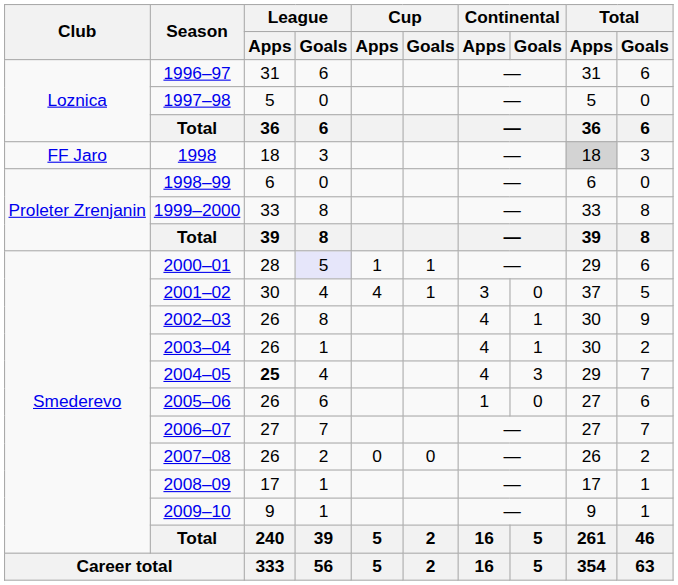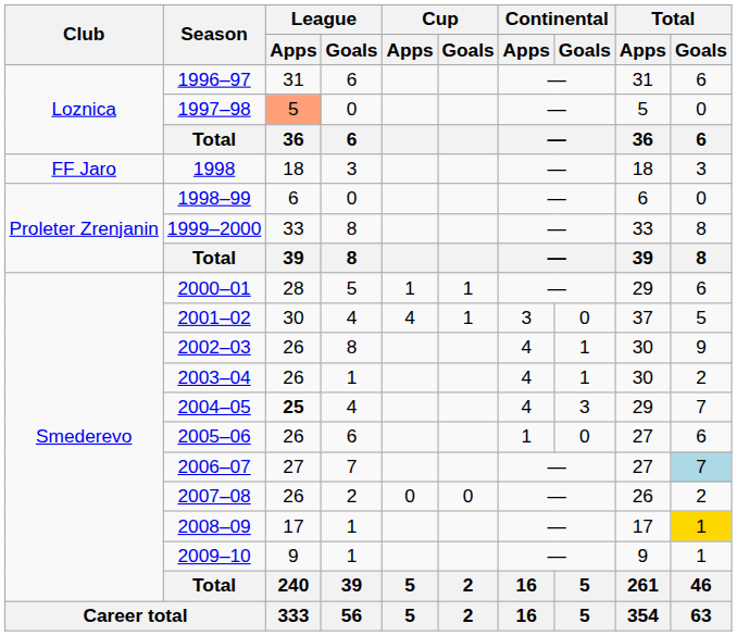 <table class="wikitable" style="text-align:center">
 <tr>
 <th rowspan="2">Club</th>
 <th rowspan="2">Season</th>
 <th colspan="2">League</th>
 <th colspan="2">Cup</th>
 <th colspan="2">Continental</th>
 <th colspan="2">Total</th>
 </tr>
 <tr>
 <th>Apps</th>
 <th>Goals</th>
 <th>Apps</th>
 <th>Goals</th>
 <th>Apps</th>
 <th>Goals</th>
 <th>Apps</th>
 <th>Goals</th>
 </tr>
 <tr>
 <td rowspan="3"><a href='#'>Loznica</a></td>
 <td><a href='#'>1996–97</a></td>
 <td>31</td>
 <td>6</td>
 <td></td>
 <td></td>
 <td colspan="2">—</td>
 <td>31</td>
 <td>6</td>
 </tr>
 <tr>
 <td><a href='#'>1997–98</a></td>
-<td>5</td>
+<td style="background: lightsalmon;">5</td>
 <td>0</td>
 <td></td>
 <td></td>
 <td colspan="2">—</td>
 <td>5</td>
 <td>0</td>
 </tr>
 <tr>
 <th>Total</th>
 <th>36</th>
 <th>6</th>
 <th></th>
 <th></th>
 <th colspan="2">—</th>
 <th>36</th>
 <th>6</th>
 </tr>
 <tr>
 <td><a href='#'>FF Jaro</a></td>
 <td><a href='#'>1998</a></td>
 <td>18</td>
 <td>3</td>
 <td></td>
 <td></td>
 <td colspan="2">—</td>
-<td style="background: lightgrey;">18</td>
+<td>18</td>
 <td>3</td>
 </tr>
 <tr>
 <td rowspan="3"><a href='#'>Proleter Zrenjanin</a></td>
 <td><a href='#'>1998–99</a></td>
 <td>6</td>
 <td>0</td>
 <td></td>
 <td></td>
 <td colspan="2">—</td>
 <td>6</td>
 <td>0</td>
 </tr>
 <tr>
 <td><a href='#'>1999–2000</a></td>
 <td>33</td>
 <td>8</td>
 <td></td>
 <td></td>
 <td colspan="2">—</td>
 <td>33</td>
 <td>8</td>
 </tr>
 <tr>
 <th>Total</th>
 <th>39</th>
 <th>8</th>
 <th></th>
 <th></th>
 <th colspan="2">—</th>
 <th>39</th>
 <th>8</th>
 </tr>
 <tr>
 <td rowspan="11"><a href='#'>Smederevo</a></td>
 <td><a href='#'>2000–01</a></td>
 <td>28</td>
-<td style="background: lavender;">5</td>
+<td>5</td>
 <td>1</td>
 <td>1</td>
 <td colspan="2">—</td>
 <td>29</td>
 <td>6</td>
 </tr>
 <tr>
 <td><a href='#'>2001–02</a></td>
 <td>30</td>
 <td>4</td>
 <td>4</td>
 <td>1</td>
 <td>3</td>
 <td>0</td>
 <td>37</td>
 <td>5</td>
 </tr>
 <tr>
 <td><a href='#'>2002–03</a></td>
 <td>26</td>
 <td>8</td>
 <td></td>
 <td></td>
 <td>4</td>
 <td>1</td>
 <td>30</td>
 <td>9</td>
 </tr>
 <tr>
 <td><a href='#'>2003–04</a></td>
 <td>26</td>
 <td>1</td>
 <td></td>
 <td></td>
 <td>4</td>
 <td>1</td>
 <td>30</td>
 <td>2</td>
 </tr>
 <tr>
 <td><a href='#'>2004–05</a></td>
 <td><strong>25</strong></td>
 <td>4</td>
 <td></td>
 <td></td>
 <td>4</td>
 <td>3</td>
 <td>29</td>
 <td>7</td>
 </tr>
 <tr>
 <td><a href='#'>2005–06</a></td>
 <td>26</td>
 <td>6</td>
 <td></td>
 <td></td>
 <td>1</td>
 <td>0</td>
 <td>27</td>
 <td>6</td>
 </tr>
 <tr>
 <td><a href='#'>2006–07</a></td>
 <td>27</td>
 <td>7</td>
 <td></td>
 <td></td>
 <td colspan="2">—</td>
 <td>27</td>
-<td>7</td>
+<td style="background: lightblue;">7</td>
 </tr>
 <tr>
 <td><a href='#'>2007–08</a></td>
 <td>26</td>
 <td>2</td>
 <td>0</td>
 <td>0</td>
 <td colspan="2">—</td>
 <td>26</td>
 <td>2</td>
 </tr>
 <tr>
 <td><a href='#'>2008–09</a></td>
 <td>17</td>
 <td>1</td>
 <td></td>
 <td></td>
 <td colspan="2">—</td>
 <td>17</td>
-<td>1</td>
+<td style="background: gold;">1</td>
 </tr>
 <tr>
 <td><a href='#'>2009–10</a></td>
 <td>9</td>
 <td>1</td>
 <td></td>
 <td></td>
 <td colspan="2">—</td>
 <td>9</td>
 <td>1</td>
 </tr>
 <tr>
 <th>Total</th>
 <th>240</th>
 <th>39</th>
 <th>5</th>
 <th>2</th>
 <th>16</th>
 <th>5</th>
 <th>261</th>
 <th>46</th>
 </tr>
 <tr>
 <th colspan="2">Career total</th>
 <th>333</th>
 <th>56</th>
 <th>5</th>
 <th>2</th>
 <th>16</th>
 <th>5</th>
 <th>354</th>
 <th>63</th>
 </tr>
 </table>
